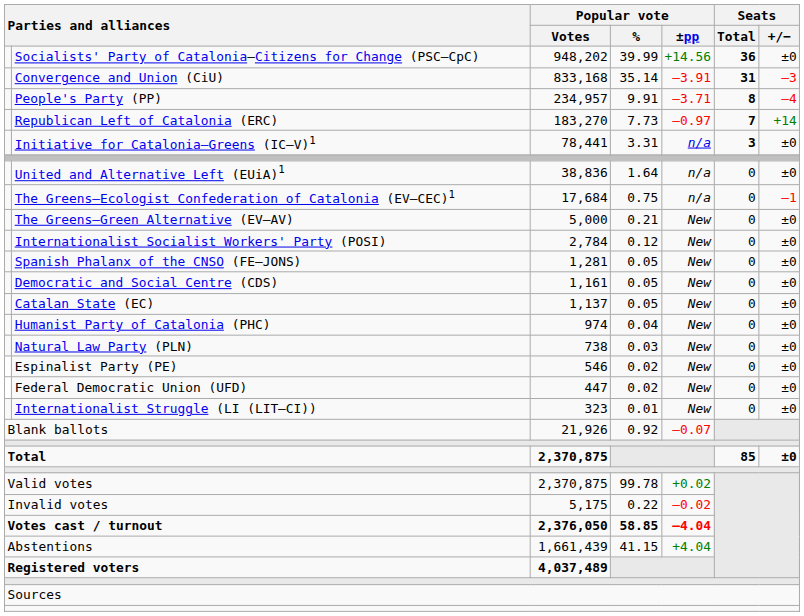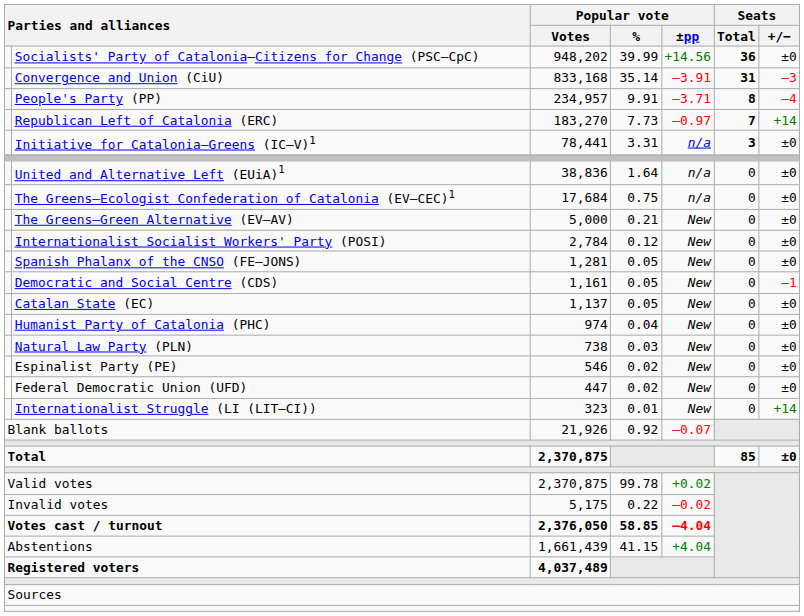 <table class="wikitable" style="text-align:right;">
 <tr>
 <th style="text-align:left;" rowspan="2" colspan="2" width="525">Parties and alliances</th>
 <th colspan="3">Popular vote</th>
 <th colspan="2">Seats</th>
 </tr>
 <tr>
 <th width="75">Votes</th>
 <th width="45">%</th>
 <th width="45">±<a href='#'>pp</a></th>
 <th width="35">Total</th>
 <th width="35">+/−</th>
 </tr>
 <tr>
 <td width="1" style="color:inherit;background:"></td>
 <td align="left"><a href='#'>Socialists' Party of Catalonia</a>–<a href='#'>Citizens for Change</a> (PSC–CpC)</td>
 <td>948,202</td>
 <td>39.99</td>
 <td style="color:green;">+14.56</td>
 <td><strong>36</strong></td>
 <td>±0</td>
 </tr>
 <tr>
 <td style="color:inherit;background:"></td>
 <td align="left"><a href='#'>Convergence and Union</a> (CiU)</td>
 <td>833,168</td>
 <td>35.14</td>
 <td style="color:red;">–3.91</td>
 <td><strong>31</strong></td>
 <td style="color:red;">–3</td>
 </tr>
 <tr>
 <td style="color:inherit;background:"></td>
 <td align="left"><a href='#'>People's Party</a> (PP)</td>
 <td>234,957</td>
 <td>9.91</td>
 <td style="color:red;">–3.71</td>
 <td><strong>8</strong></td>
 <td style="color:red;">–4</td>
 </tr>
 <tr>
 <td style="color:inherit;background:"></td>
 <td align="left"><a href='#'>Republican Left of Catalonia</a> (ERC)</td>
 <td>183,270</td>
 <td>7.73</td>
 <td style="color:red;">–0.97</td>
 <td><strong>7</strong></td>
 <td style="color:green;">+14</td>
 </tr>
 <tr>
 <td style="color:inherit;background:"></td>
 <td align="left"><a href='#'>Initiative for Catalonia–Greens</a> (IC–V)<sup>1</sup></td>
 <td>78,441</td>
 <td>3.31</td>
 <td><em><a href='#'>n/a</a></em></td>
 <td><strong>3</strong></td>
 <td>±0</td>
 </tr>
 <tr>
 <td colspan="7" bgcolor="#C0C0C0"></td>
 </tr>
 <tr>
 <td style="color:inherit;background:"></td>
 <td align="left"><a href='#'>United and Alternative Left</a> (EUiA)<sup>1</sup></td>
 <td>38,836</td>
 <td>1.64</td>
 <td><em>n/a</em></td>
 <td>0</td>
 <td>±0</td>
 </tr>
 <tr>
 <td style="color:inherit;background:"></td>
 <td align="left"><a href='#'>The Greens–Ecologist Confederation of Catalonia</a> (EV–CEC)<sup>1</sup></td>
 <td>17,684</td>
 <td>0.75</td>
 <td><em>n/a</em></td>
 <td>0</td>
-<td style="color:red;">–1</td>
+<td>±0</td>
 </tr>
 <tr>
 <td style="color:inherit;background:"></td>
 <td align="left"><a href='#'>The Greens–Green Alternative</a> (EV–AV)</td>
 <td>5,000</td>
 <td>0.21</td>
 <td><em>New</em></td>
 <td>0</td>
 <td>±0</td>
 </tr>
 <tr>
 <td style="color:inherit;background:"></td>
 <td align="left"><a href='#'>Internationalist Socialist Workers' Party</a> (POSI)</td>
 <td>2,784</td>
 <td>0.12</td>
 <td><em>New</em></td>
 <td>0</td>
 <td>±0</td>
 </tr>
 <tr>
 <td style="color:inherit;background:"></td>
 <td align="left"><a href='#'>Spanish Phalanx of the CNSO</a> (FE–JONS)</td>
 <td>1,281</td>
 <td>0.05</td>
 <td><em>New</em></td>
 <td>0</td>
 <td>±0</td>
 </tr>
 <tr>
 <td style="color:inherit;background:"></td>
 <td align="left"><a href='#'>Democratic and Social Centre</a> (CDS)</td>
 <td>1,161</td>
 <td>0.05</td>
 <td><em>New</em></td>
 <td>0</td>
-<td>±0</td>
+<td style="color:red;">–1</td>
 </tr>
 <tr>
 <td style="color:inherit;background:"></td>
 <td align="left"><a href='#'>Catalan State</a> (EC)</td>
 <td>1,137</td>
 <td>0.05</td>
 <td><em>New</em></td>
 <td>0</td>
 <td>±0</td>
 </tr>
 <tr>
 <td style="color:inherit;background:"></td>
 <td align="left"><a href='#'>Humanist Party of Catalonia</a> (PHC)</td>
 <td>974</td>
 <td>0.04</td>
 <td><em>New</em></td>
 <td>0</td>
 <td>±0</td>
 </tr>
 <tr>
 <td style="color:inherit;background:"></td>
 <td align="left"><a href='#'>Natural Law Party</a> (PLN)</td>
 <td>738</td>
 <td>0.03</td>
 <td><em>New</em></td>
 <td>0</td>
 <td>±0</td>
 </tr>
 <tr>
 <td bgcolor="white"></td>
 <td align="left">Espinalist Party (PE)</td>
 <td>546</td>
 <td>0.02</td>
 <td><em>New</em></td>
 <td>0</td>
 <td>±0</td>
 </tr>
 <tr>
 <td bgcolor="white"></td>
 <td align="left">Federal Democratic Union (UFD)</td>
 <td>447</td>
 <td>0.02</td>
 <td><em>New</em></td>
 <td>0</td>
 <td>±0</td>
 </tr>
 <tr>
 <td style="color:inherit;background:"></td>
 <td align="left"><a href='#'>Internationalist Struggle</a> (LI (LIT–CI))</td>
 <td>323</td>
 <td>0.01</td>
 <td><em>New</em></td>
 <td>0</td>
-<td>±0</td>
+<td style="color:green;">+14</td>
 </tr>
 <tr>
 <td align="left" colspan="2">Blank ballots</td>
 <td>21,926</td>
 <td>0.92</td>
 <td style="color:red;">–0.07</td>
 <td bgcolor="#E9E9E9" colspan="2"></td>
 </tr>
 <tr>
 <td colspan="7" bgcolor="#E9E9E9"></td>
 </tr>
 <tr style="font-weight:bold;">
 <td align="left" colspan="2">Total</td>
 <td>2,370,875</td>
 <td bgcolor="#E9E9E9" colspan="2"></td>
 <td>85</td>
 <td>±0</td>
 </tr>
 <tr>
 <td colspan="7" bgcolor="#E9E9E9"></td>
 </tr>
 <tr>
 <td align="left" colspan="2">Valid votes</td>
 <td>2,370,875</td>
 <td>99.78</td>
 <td style="color:green;">+0.02</td>
 <td bgcolor="#E9E9E9" colspan="2" rowspan="5"></td>
 </tr>
 <tr>
 <td align="left" colspan="2">Invalid votes</td>
 <td>5,175</td>
 <td>0.22</td>
 <td style="color:red;">–0.02</td>
 </tr>
 <tr style="font-weight:bold;">
 <td align="left" colspan="2">Votes cast / turnout</td>
 <td>2,376,050</td>
 <td>58.85</td>
 <td style="color:red;">–4.04</td>
 </tr>
 <tr>
 <td align="left" colspan="2">Abstentions</td>
 <td>1,661,439</td>
 <td>41.15</td>
 <td style="color:green;">+4.04</td>
 </tr>
 <tr style="font-weight:bold;">
 <td align="left" colspan="2">Registered voters</td>
 <td>4,037,489</td>
 <td bgcolor="#E9E9E9" colspan="2"></td>
 </tr>
 <tr>
 <td colspan="7" bgcolor="#E9E9E9"></td>
 </tr>
 <tr>
 <td align="left" colspan="7">Sources</td>
 </tr>
 <tr>
 <td colspan="7" style="text-align:left; max-width:790px;"></td>
 </tr>
 </table>
